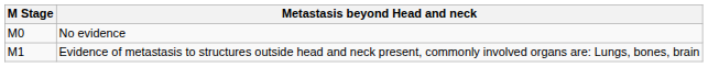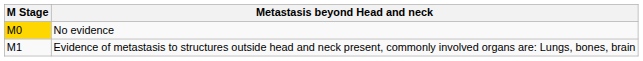 <table class="wikitable">
 <tr>
 <th>M Stage</th>
 <th>Metastasis beyond Head and neck</th>
 </tr>
 <tr>
-<td>M0</td>
+<td style="background: gold;">M0</td>
 <td>No evidence</td>
 </tr>
 <tr>
 <td>M1</td>
 <td>Evidence of metastasis to structures outside head and neck present, commonly involved organs are: Lungs, bones, brain</td>
 </tr>
 </table>
